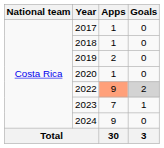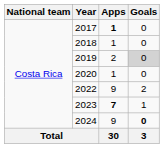 <table class="wikitable" style="text-align:center">
 <tr>
 <th>National team</th>
 <th>Year</th>
 <th>Apps</th>
 <th>Goals</th>
 </tr>
 <tr>
 <td rowspan="7"><a href='#'>Costa Rica</a></td>
 <td>2017</td>
-<td>1</td>
+<td><strong>1</strong></td>
 <td>0</td>
 </tr>
 <tr>
 <td>2018</td>
 <td>1</td>
 <td>0</td>
 </tr>
 <tr>
 <td>2019</td>
 <td>2</td>
-<td>0</td>
+<td style="background: lightgrey;">0</td>
 </tr>
 <tr>
 <td>2020</td>
 <td>1</td>
 <td>0</td>
 </tr>
 <tr>
 <td>2022</td>
-<td style="background: lightsalmon;">9</td>
-<td style="background: lightgrey;">2</td>
+<td>9</td>
+<td>2</td>
 </tr>
 <tr>
 <td>2023</td>
-<td>7</td>
+<td><strong>7</strong></td>
 <td>1</td>
 </tr>
 <tr>
 <td>2024</td>
 <td>9</td>
-<td>0</td>
+<td><strong>0</strong></td>
 </tr>
 <tr>
 <th colspan="2">Total</th>
 <th>30</th>
 <th>3</th>
 </tr>
 </table>
